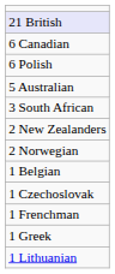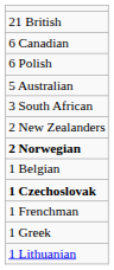 <table class="wikitable" align="right">
 <tr>
 <td></td>
 </tr>
 <tr>
-<td style="background: lavender;">21 British</td>
+<td>21 British</td>
 </tr>
 <tr>
 <td>6 Canadian</td>
 </tr>
 <tr>
 <td>6 Polish</td>
 </tr>
 <tr>
 <td>5 Australian</td>
 </tr>
 <tr>
 <td>3 South African</td>
 </tr>
 <tr>
 <td>2 New Zealanders</td>
 </tr>
 <tr>
-<td>2 Norwegian</td>
+<td><strong>2 Norwegian</strong></td>
 </tr>
 <tr>
 <td>1 Belgian</td>
 </tr>
 <tr>
-<td>1 Czechoslovak</td>
+<td><strong>1 Czechoslovak</strong></td>
 </tr>
 <tr>
 <td>1 Frenchman</td>
 </tr>
 <tr>
 <td>1 Greek</td>
 </tr>
 <tr>
 <td><a href='#'>1 Lithuanian</a></td>
 </tr>
 </table>
